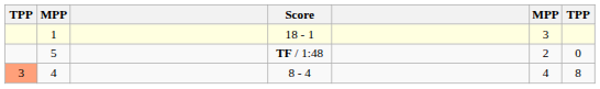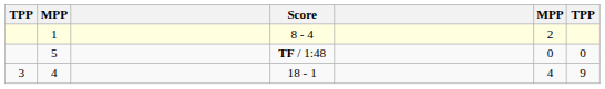 <table class="wikitable" style="text-align: center;" |>
 <tr>
 <th width="35">TPP</th>
 <th width="35">MPP</th>
 <th width="250"></th>
 <th width="75">Score</th>
 <th width="250"></th>
 <th width="35">MPP</th>
 <th width="35">TPP</th>
 </tr>
 <tr bgcolor=lightyellow>
 <td></td>
 <td>1</td>
 <td style="text-align:left;"><strong></strong></td>
-<td>18 - 1</td>
+<td>8 - 4</td>
 <td style="text-align:left;"></td>
-<td>3</td>
+<td>2</td>
 <td></td>
 </tr>
 <tr>
 <td></td>
 <td>5</td>
 <td style="text-align:left;"></td>
 <td><strong>TF</strong> / 1:48</td>
 <td style="text-align:left;"><strong></strong></td>
-<td>2</td>
+<td>0</td>
 <td>0</td>
 </tr>
 <tr>
-<td style="background: lightsalmon;">3</td>
+<td>3</td>
 <td>4</td>
 <td style="text-align:left;"><strong></strong></td>
-<td>8 - 4</td>
+<td>18 - 1</td>
 <td style="text-align:left;"></td>
 <td>4</td>
-<td>8</td>
+<td>9</td>
 </tr>
 </table>
